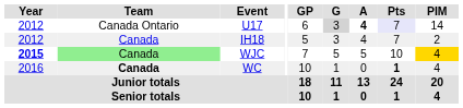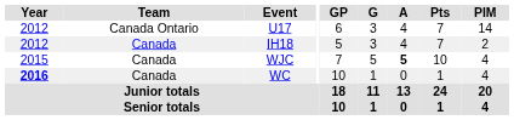 <table border="0" cellpadding="1" cellspacing="0" ID="Table3" style="text-align:center; width:40em">
 <tr bgcolor="#e0e0e0">
 <th>Year</th>
 <th>Team</th>
 <th>Event</th>
 <th rowspan="102" bgcolor="#ffffff"></th>
 <th>GP</th>
 <th>G</th>
 <th>A</th>
 <th>Pts</th>
 <th>PIM</th>
 </tr>
 <tr>
 <td><a href='#'>2012</a></td>
 <td>Canada Ontario</td>
 <td><a href='#'>U17</a></td>
 <td>6</td>
-<td style="background: lightgrey;">3</td>
-<td><strong>4</strong></td>
-<td style="background: lavender;">7</td>
+<td>3</td>
+<td>4</td>
+<td>7</td>
 <td>14</td>
 </tr>
 <tr bgcolor="#f0f0f0">
 <td><a href='#'>2012</a></td>
 <td><a href='#'>Canada</a></td>
 <td><a href='#'>IH18</a></td>
 <td>5</td>
 <td>3</td>
 <td>4</td>
 <td>7</td>
 <td>2</td>
 </tr>
 <tr>
-<td><strong><a href='#'>2015</a></strong></td>
-<td style="background: lightgreen;">Canada</td>
+<td><a href='#'>2015</a></td>
+<td>Canada</td>
 <td><a href='#'>WJC</a></td>
 <td>7</td>
 <td>5</td>
-<td>5</td>
+<td><strong>5</strong></td>
 <td>10</td>
-<td style="background: gold;">4</td>
+<td>4</td>
 </tr>
 <tr bgcolor="#f0f0f0">
-<td><a href='#'>2016</a></td>
-<td><strong>Canada</strong></td>
+<td><strong><a href='#'>2016</a></strong></td>
+<td>Canada</td>
 <td><a href='#'>WC</a></td>
 <td>10</td>
 <td>1</td>
 <td>0</td>
-<td><strong>1</strong></td>
+<td>1</td>
 <td>4</td>
 </tr>
 <tr bgcolor="#e0e0e0">
 <th colspan="4">Junior totals</th>
 <th>18</th>
 <th>11</th>
 <th>13</th>
 <th>24</th>
 <th>20</th>
 </tr>
 <tr bgcolor="#e0e0e0">
 <th colspan="4">Senior totals</th>
 <th>10</th>
 <th>1</th>
 <th>0</th>
 <th>1</th>
 <th>4</th>
 </tr>
 </table>
